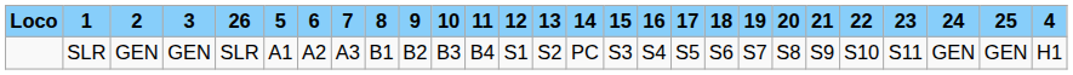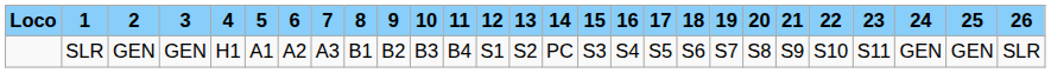 <table class="wikitable plainrowheaders unsortable" style="text-align:center">
 <tr>
 <th scope="col" rowspan="1" style="background:lightskyblue;">Loco</th>
 <th scope="col" rowspan="1" style="background:lightskyblue;">1</th>
 <th scope="col" rowspan="1" style="background:lightskyblue;">2</th>
 <th scope="col" rowspan="1" style="background:lightskyblue;">3</th>
-<th scope="col" rowspan="1" style="background:lightskyblue;">26</th>
+<th scope="col" rowspan="1" style="background:lightskyblue;">4</th>
 <th scope="col" rowspan="1" style="background:lightskyblue;">5</th>
 <th scope="col" rowspan="1" style="background:lightskyblue;">6</th>
 <th scope="col" rowspan="1" style="background:lightskyblue;">7</th>
 <th scope="col" rowspan="1" style="background:lightskyblue;">8</th>
 <th scope="col" rowspan="1" style="background:lightskyblue;">9</th>
 <th scope="col" rowspan="1" style="background:lightskyblue;">10</th>
 <th scope="col" rowspan="1" style="background:lightskyblue;">11</th>
 <th scope="col" rowspan="1" style="background:lightskyblue;">12</th>
 <th scope="col" rowspan="1" style="background:lightskyblue;">13</th>
 <th scope="col" rowspan="1" style="background:lightskyblue;">14</th>
 <th scope="col" rowspan="1" style="background:lightskyblue;">15</th>
 <th scope="col" rowspan="1" style="background:lightskyblue;">16</th>
 <th scope="col" rowspan="1" style="background:lightskyblue;">17</th>
 <th scope="col" rowspan="1" style="background:lightskyblue;">18</th>
 <th scope="col" rowspan="1" style="background:lightskyblue;">19</th>
 <th scope="col" rowspan="1" style="background:lightskyblue;">20</th>
 <th scope="col" rowspan="1" style="background:lightskyblue;">21</th>
 <th scope="col" rowspan="1" style="background:lightskyblue;">22</th>
 <th scope="col" rowspan="1" style="background:lightskyblue;">23</th>
 <th scope="col" rowspan="1" style="background:lightskyblue;">24</th>
 <th scope="col" rowspan="1" style="background:lightskyblue;">25</th>
-<th scope="col" rowspan="1" style="background:lightskyblue;">4</th>
+<th scope="col" rowspan="1" style="background:lightskyblue;">26</th>
 </tr>
 <tr>
 <td></td>
 <td>SLR</td>
 <td>GEN</td>
 <td>GEN</td>
-<td>SLR</td>
+<td>H1</td>
 <td>A1</td>
 <td>A2</td>
 <td>A3</td>
 <td>B1</td>
 <td>B2</td>
 <td>B3</td>
 <td>B4</td>
 <td>S1</td>
 <td>S2</td>
 <td>PC</td>
 <td>S3</td>
 <td>S4</td>
 <td>S5</td>
 <td>S6</td>
 <td>S7</td>
 <td>S8</td>
 <td>S9</td>
 <td>S10</td>
 <td>S11</td>
 <td>GEN</td>
 <td>GEN</td>
-<td>H1</td>
+<td>SLR</td>
 </tr>
 </table>
